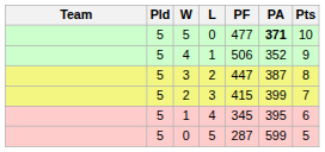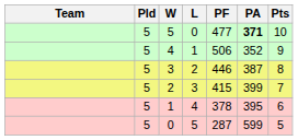 <table class="wikitable" style="text-align:center;">
 <tr>
 <th width=170>Team</th>
 <th width=25>Pld</th>
 <th width=25>W</th>
 <th width=25>L</th>
 <th width=35>PF</th>
 <th width=35>PA</th>
 <th width=25>Pts</th>
 </tr>
 <tr bgcolor=#ccffcc>
 <td align="left"></td>
 <td>5</td>
 <td>5</td>
 <td>0</td>
 <td>477</td>
 <td><strong>371</strong></td>
 <td>10</td>
 </tr>
 <tr bgcolor=#ccffcc>
 <td align="left"></td>
 <td>5</td>
 <td>4</td>
 <td>1</td>
 <td>506</td>
 <td>352</td>
 <td>9</td>
 </tr>
 <tr bgcolor=#F3F781>
 <td align="left"></td>
 <td>5</td>
 <td>3</td>
 <td>2</td>
-<td>447</td>
+<td>446</td>
 <td>387</td>
 <td>8</td>
 </tr>
 <tr bgcolor=#F3F781>
 <td align="left"></td>
 <td>5</td>
 <td>2</td>
 <td>3</td>
 <td>415</td>
 <td>399</td>
 <td>7</td>
 </tr>
 <tr bgcolor=#ffcccc>
 <td align="left"></td>
 <td>5</td>
 <td>1</td>
 <td>4</td>
-<td>345</td>
+<td>378</td>
 <td>395</td>
 <td>6</td>
 </tr>
 <tr bgcolor=#ffcccc>
 <td align="left"></td>
 <td>5</td>
 <td>0</td>
 <td>5</td>
 <td>287</td>
 <td>599</td>
 <td>5</td>
 </tr>
 </table>
